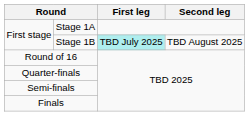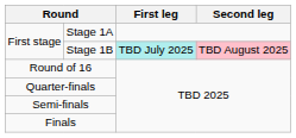 <table class="wikitable" style="text-align: center">
 <tr>
 <th colspan=2>Round</th>
 <th>First leg</th>
 <th>Second leg</th>
 </tr>
 <tr>
 <td rowspan=2>First stage</td>
 <td>Stage 1A</td>
 <td colspan=2></td>
 </tr>
 <tr>
 <td>Stage 1B</td>
 <td style="background: paleturquoise;">TBD July 2025</td>
-<td>TBD August 2025</td>
+<td style="background: pink;">TBD August 2025</td>
 </tr>
 <tr>
 <td colspan=2>Round of 16</td>
 <td colspan=2 rowspan=4>TBD 2025</td>
 </tr>
 <tr>
 <td colspan=2>Quarter-finals</td>
 </tr>
 <tr>
 <td colspan=2>Semi-finals</td>
 </tr>
 <tr>
 <td colspan=2>Finals</td>
 </tr>
 </table>
